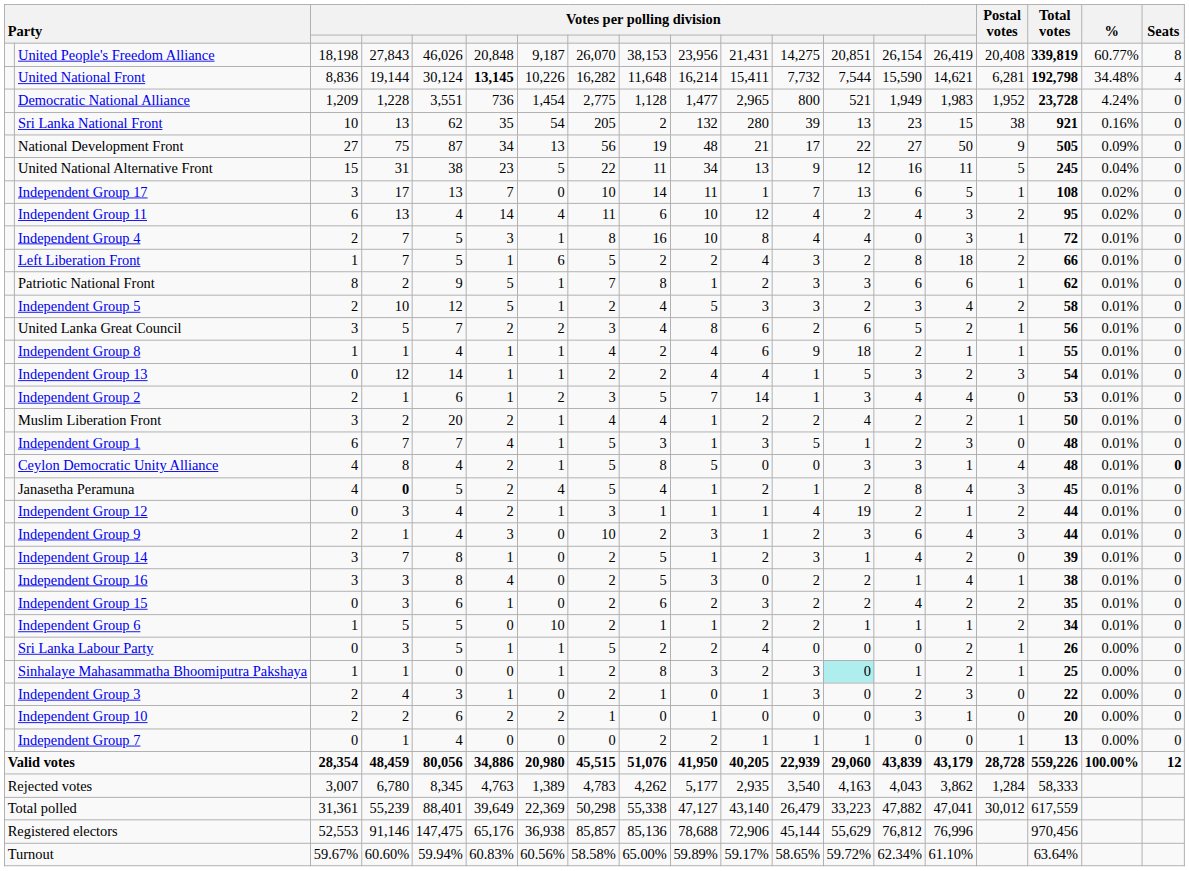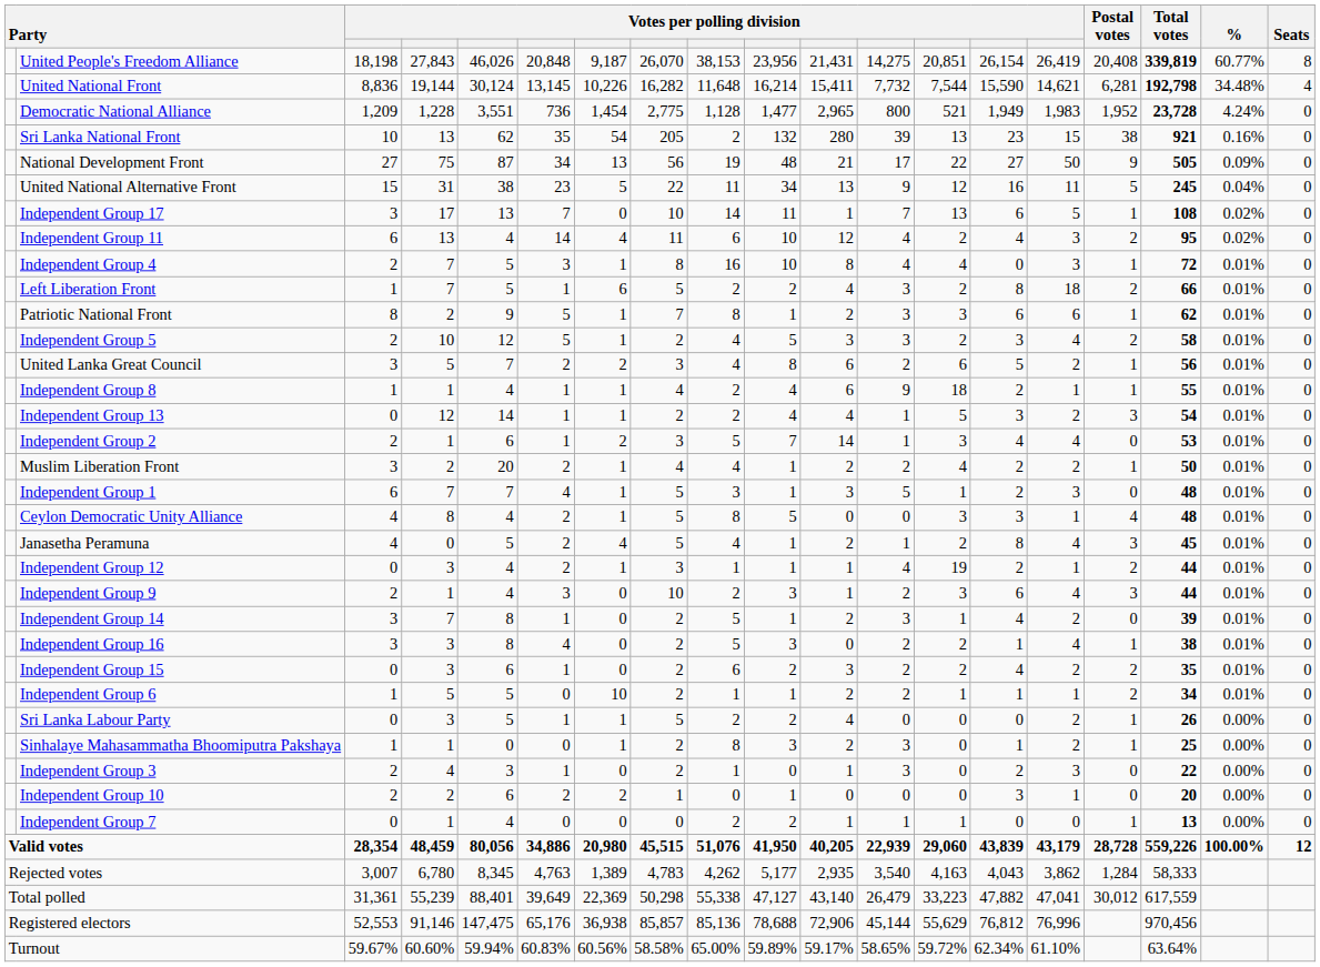 <table class="wikitable" border="1" style="text-align:right;">
 <tr>
 <th style="text-align:left; vertical-align:bottom;" rowspan="2" colspan="2">Party</th>
 <th colspan=13>Votes per polling division</th>
 <th rowspan="2" style="vertical-align:bottom; text-align:center; width:50px;">Postal<br>votes</th>
 <th rowspan="2" style="vertical-align:bottom; text-align:center; width:50px;">Total votes</th>
 <th rowspan="2" style="vertical-align:bottom; text-align:center; width:50px;">%</th>
 <th rowspan="2" style="vertical-align:bottom; text-align:center; width:40px;">Seats</th>
 </tr>
 <tr>
 <th></th>
 <th></th>
 <th></th>
 <th></th>
 <th></th>
 <th></th>
 <th></th>
 <th></th>
 <th></th>
 <th></th>
 <th></th>
 <th></th>
 <th></th>
 </tr>
 <tr>
 <td bgcolor=> </td>
 <td align=left><a href='#'>United People's Freedom Alliance</a></td>
 <td>18,198</td>
 <td>27,843</td>
 <td>46,026</td>
 <td>20,848</td>
 <td>9,187</td>
 <td>26,070</td>
 <td>38,153</td>
 <td>23,956</td>
 <td>21,431</td>
 <td>14,275</td>
 <td>20,851</td>
 <td>26,154</td>
 <td>26,419</td>
 <td>20,408</td>
 <td><strong>339,819</strong></td>
 <td>60.77%</td>
 <td>8</td>
 </tr>
 <tr>
 <td bgcolor=> </td>
 <td align=left><a href='#'>United National Front</a></td>
 <td>8,836</td>
 <td>19,144</td>
 <td>30,124</td>
-<td><strong>13,145</strong></td>
+<td>13,145</td>
 <td>10,226</td>
 <td>16,282</td>
 <td>11,648</td>
 <td>16,214</td>
 <td>15,411</td>
 <td>7,732</td>
 <td>7,544</td>
 <td>15,590</td>
 <td>14,621</td>
 <td>6,281</td>
 <td><strong>192,798</strong></td>
 <td>34.48%</td>
 <td>4</td>
 </tr>
 <tr>
 <td bgcolor=> </td>
 <td align=left><a href='#'>Democratic National Alliance</a></td>
 <td>1,209</td>
 <td>1,228</td>
 <td>3,551</td>
 <td>736</td>
 <td>1,454</td>
 <td>2,775</td>
 <td>1,128</td>
 <td>1,477</td>
 <td>2,965</td>
 <td>800</td>
 <td>521</td>
 <td>1,949</td>
 <td>1,983</td>
 <td>1,952</td>
 <td><strong>23,728</strong></td>
 <td>4.24%</td>
 <td>0</td>
 </tr>
 <tr>
 <td bgcolor=> </td>
 <td align=left><a href='#'>Sri Lanka National Front</a></td>
 <td>10</td>
 <td>13</td>
 <td>62</td>
 <td>35</td>
 <td>54</td>
 <td>205</td>
 <td>2</td>
 <td>132</td>
 <td>280</td>
 <td>39</td>
 <td>13</td>
 <td>23</td>
 <td>15</td>
 <td>38</td>
 <td><strong>921</strong></td>
 <td>0.16%</td>
 <td>0</td>
 </tr>
 <tr>
 <td bgcolor=> </td>
 <td align=left>National Development Front</td>
 <td>27</td>
 <td>75</td>
 <td>87</td>
 <td>34</td>
 <td>13</td>
 <td>56</td>
 <td>19</td>
 <td>48</td>
 <td>21</td>
 <td>17</td>
 <td>22</td>
 <td>27</td>
 <td>50</td>
 <td>9</td>
 <td><strong>505</strong></td>
 <td>0.09%</td>
 <td>0</td>
 </tr>
 <tr>
 <td bgcolor=> </td>
 <td align=left>United National Alternative Front</td>
 <td>15</td>
 <td>31</td>
 <td>38</td>
 <td>23</td>
 <td>5</td>
 <td>22</td>
 <td>11</td>
 <td>34</td>
 <td>13</td>
 <td>9</td>
 <td>12</td>
 <td>16</td>
 <td>11</td>
 <td>5</td>
 <td><strong>245</strong></td>
 <td>0.04%</td>
 <td>0</td>
 </tr>
 <tr>
 <td bgcolor=> </td>
 <td align=left><a href='#'>Independent Group 17</a></td>
 <td>3</td>
 <td>17</td>
 <td>13</td>
 <td>7</td>
 <td>0</td>
 <td>10</td>
 <td>14</td>
 <td>11</td>
 <td>1</td>
 <td>7</td>
 <td>13</td>
 <td>6</td>
 <td>5</td>
 <td>1</td>
 <td><strong>108</strong></td>
 <td>0.02%</td>
 <td>0</td>
 </tr>
 <tr>
 <td bgcolor=> </td>
 <td align=left><a href='#'>Independent Group 11</a></td>
 <td>6</td>
 <td>13</td>
 <td>4</td>
 <td>14</td>
 <td>4</td>
 <td>11</td>
 <td>6</td>
 <td>10</td>
 <td>12</td>
 <td>4</td>
 <td>2</td>
 <td>4</td>
 <td>3</td>
 <td>2</td>
 <td><strong>95</strong></td>
 <td>0.02%</td>
 <td>0</td>
 </tr>
 <tr>
 <td bgcolor=> </td>
 <td align=left><a href='#'>Independent Group 4</a></td>
 <td>2</td>
 <td>7</td>
 <td>5</td>
 <td>3</td>
 <td>1</td>
 <td>8</td>
 <td>16</td>
 <td>10</td>
 <td>8</td>
 <td>4</td>
 <td>4</td>
 <td>0</td>
 <td>3</td>
 <td>1</td>
 <td><strong>72</strong></td>
 <td>0.01%</td>
 <td>0</td>
 </tr>
 <tr>
 <td bgcolor=> </td>
 <td align=left><a href='#'>Left Liberation Front</a></td>
 <td>1</td>
 <td>7</td>
 <td>5</td>
 <td>1</td>
 <td>6</td>
 <td>5</td>
 <td>2</td>
 <td>2</td>
 <td>4</td>
 <td>3</td>
 <td>2</td>
 <td>8</td>
 <td>18</td>
 <td>2</td>
 <td><strong>66</strong></td>
 <td>0.01%</td>
 <td>0</td>
 </tr>
 <tr>
 <td bgcolor=> </td>
 <td align=left>Patriotic National Front</td>
 <td>8</td>
 <td>2</td>
 <td>9</td>
 <td>5</td>
 <td>1</td>
 <td>7</td>
 <td>8</td>
 <td>1</td>
 <td>2</td>
 <td>3</td>
 <td>3</td>
 <td>6</td>
 <td>6</td>
 <td>1</td>
 <td><strong>62</strong></td>
 <td>0.01%</td>
 <td>0</td>
 </tr>
 <tr>
 <td bgcolor=> </td>
 <td align=left><a href='#'>Independent Group 5</a></td>
 <td>2</td>
 <td>10</td>
 <td>12</td>
 <td>5</td>
 <td>1</td>
 <td>2</td>
 <td>4</td>
 <td>5</td>
 <td>3</td>
 <td>3</td>
 <td>2</td>
 <td>3</td>
 <td>4</td>
 <td>2</td>
 <td><strong>58</strong></td>
 <td>0.01%</td>
 <td>0</td>
 </tr>
 <tr>
 <td bgcolor=> </td>
 <td align=left>United Lanka Great Council</td>
 <td>3</td>
 <td>5</td>
 <td>7</td>
 <td>2</td>
 <td>2</td>
 <td>3</td>
 <td>4</td>
 <td>8</td>
 <td>6</td>
 <td>2</td>
 <td>6</td>
 <td>5</td>
 <td>2</td>
 <td>1</td>
 <td><strong>56</strong></td>
 <td>0.01%</td>
 <td>0</td>
 </tr>
 <tr>
 <td bgcolor=> </td>
 <td align=left><a href='#'>Independent Group 8</a></td>
 <td>1</td>
 <td>1</td>
 <td>4</td>
 <td>1</td>
 <td>1</td>
 <td>4</td>
 <td>2</td>
 <td>4</td>
 <td>6</td>
 <td>9</td>
 <td>18</td>
 <td>2</td>
 <td>1</td>
 <td>1</td>
 <td><strong>55</strong></td>
 <td>0.01%</td>
 <td>0</td>
 </tr>
 <tr>
 <td bgcolor=> </td>
 <td align=left><a href='#'>Independent Group 13</a></td>
 <td>0</td>
 <td>12</td>
 <td>14</td>
 <td>1</td>
 <td>1</td>
 <td>2</td>
 <td>2</td>
 <td>4</td>
 <td>4</td>
 <td>1</td>
 <td>5</td>
 <td>3</td>
 <td>2</td>
 <td>3</td>
 <td><strong>54</strong></td>
 <td>0.01%</td>
 <td>0</td>
 </tr>
 <tr>
 <td bgcolor=> </td>
 <td align=left><a href='#'>Independent Group 2</a></td>
 <td>2</td>
 <td>1</td>
 <td>6</td>
 <td>1</td>
 <td>2</td>
 <td>3</td>
 <td>5</td>
 <td>7</td>
 <td>14</td>
 <td>1</td>
 <td>3</td>
 <td>4</td>
 <td>4</td>
 <td>0</td>
 <td><strong>53</strong></td>
 <td>0.01%</td>
 <td>0</td>
 </tr>
 <tr>
 <td bgcolor=> </td>
 <td align=left>Muslim Liberation Front</td>
 <td>3</td>
 <td>2</td>
 <td>20</td>
 <td>2</td>
 <td>1</td>
 <td>4</td>
 <td>4</td>
 <td>1</td>
 <td>2</td>
 <td>2</td>
 <td>4</td>
 <td>2</td>
 <td>2</td>
 <td>1</td>
 <td><strong>50</strong></td>
 <td>0.01%</td>
 <td>0</td>
 </tr>
 <tr>
 <td bgcolor=> </td>
 <td align=left><a href='#'>Independent Group 1</a></td>
 <td>6</td>
 <td>7</td>
 <td>7</td>
 <td>4</td>
 <td>1</td>
 <td>5</td>
 <td>3</td>
 <td>1</td>
 <td>3</td>
 <td>5</td>
 <td>1</td>
 <td>2</td>
 <td>3</td>
 <td>0</td>
 <td><strong>48</strong></td>
 <td>0.01%</td>
 <td>0</td>
 </tr>
 <tr>
 <td bgcolor=> </td>
 <td align=left><a href='#'>Ceylon Democratic Unity Alliance</a></td>
 <td>4</td>
 <td>8</td>
 <td>4</td>
 <td>2</td>
 <td>1</td>
 <td>5</td>
 <td>8</td>
 <td>5</td>
 <td>0</td>
 <td>0</td>
 <td>3</td>
 <td>3</td>
 <td>1</td>
 <td>4</td>
 <td><strong>48</strong></td>
 <td>0.01%</td>
-<td><strong>0</strong></td>
+<td>0</td>
 </tr>
 <tr>
 <td bgcolor=> </td>
 <td align=left>Janasetha Peramuna</td>
 <td>4</td>
-<td><strong>0</strong></td>
+<td>0</td>
 <td>5</td>
 <td>2</td>
 <td>4</td>
 <td>5</td>
 <td>4</td>
 <td>1</td>
 <td>2</td>
 <td>1</td>
 <td>2</td>
 <td>8</td>
 <td>4</td>
 <td>3</td>
 <td><strong>45</strong></td>
 <td>0.01%</td>
 <td>0</td>
 </tr>
 <tr>
 <td bgcolor=> </td>
 <td align=left><a href='#'>Independent Group 12</a></td>
 <td>0</td>
 <td>3</td>
 <td>4</td>
 <td>2</td>
 <td>1</td>
 <td>3</td>
 <td>1</td>
 <td>1</td>
 <td>1</td>
 <td>4</td>
 <td>19</td>
 <td>2</td>
 <td>1</td>
 <td>2</td>
 <td><strong>44</strong></td>
 <td>0.01%</td>
 <td>0</td>
 </tr>
 <tr>
 <td bgcolor=> </td>
 <td align=left><a href='#'>Independent Group 9</a></td>
 <td>2</td>
 <td>1</td>
 <td>4</td>
 <td>3</td>
 <td>0</td>
 <td>10</td>
 <td>2</td>
 <td>3</td>
 <td>1</td>
 <td>2</td>
 <td>3</td>
 <td>6</td>
 <td>4</td>
 <td>3</td>
 <td><strong>44</strong></td>
 <td>0.01%</td>
 <td>0</td>
 </tr>
 <tr>
 <td bgcolor=> </td>
 <td align=left><a href='#'>Independent Group 14</a></td>
 <td>3</td>
 <td>7</td>
 <td>8</td>
 <td>1</td>
 <td>0</td>
 <td>2</td>
 <td>5</td>
 <td>1</td>
 <td>2</td>
 <td>3</td>
 <td>1</td>
 <td>4</td>
 <td>2</td>
 <td>0</td>
 <td><strong>39</strong></td>
 <td>0.01%</td>
 <td>0</td>
 </tr>
 <tr>
 <td bgcolor=> </td>
 <td align=left><a href='#'>Independent Group 16</a></td>
 <td>3</td>
 <td>3</td>
 <td>8</td>
 <td>4</td>
 <td>0</td>
 <td>2</td>
 <td>5</td>
 <td>3</td>
 <td>0</td>
 <td>2</td>
 <td>2</td>
 <td>1</td>
 <td>4</td>
 <td>1</td>
 <td><strong>38</strong></td>
 <td>0.01%</td>
 <td>0</td>
 </tr>
 <tr>
 <td bgcolor=> </td>
 <td align=left><a href='#'>Independent Group 15</a></td>
 <td>0</td>
 <td>3</td>
 <td>6</td>
 <td>1</td>
 <td>0</td>
 <td>2</td>
 <td>6</td>
 <td>2</td>
 <td>3</td>
 <td>2</td>
 <td>2</td>
 <td>4</td>
 <td>2</td>
 <td>2</td>
 <td><strong>35</strong></td>
 <td>0.01%</td>
 <td>0</td>
 </tr>
 <tr>
 <td bgcolor=> </td>
 <td align=left><a href='#'>Independent Group 6</a></td>
 <td>1</td>
 <td>5</td>
 <td>5</td>
 <td>0</td>
 <td>10</td>
 <td>2</td>
 <td>1</td>
 <td>1</td>
 <td>2</td>
 <td>2</td>
 <td>1</td>
 <td>1</td>
 <td>1</td>
 <td>2</td>
 <td><strong>34</strong></td>
 <td>0.01%</td>
 <td>0</td>
 </tr>
 <tr>
 <td bgcolor=> </td>
 <td align=left><a href='#'>Sri Lanka Labour Party</a></td>
 <td>0</td>
 <td>3</td>
 <td>5</td>
 <td>1</td>
 <td>1</td>
 <td>5</td>
 <td>2</td>
 <td>2</td>
 <td>4</td>
 <td>0</td>
 <td>0</td>
 <td>0</td>
 <td>2</td>
 <td>1</td>
 <td><strong>26</strong></td>
 <td>0.00%</td>
 <td>0</td>
 </tr>
 <tr>
 <td bgcolor=> </td>
 <td align=left><a href='#'>Sinhalaye Mahasammatha Bhoomiputra Pakshaya</a></td>
 <td>1</td>
 <td>1</td>
 <td>0</td>
 <td>0</td>
 <td>1</td>
 <td>2</td>
 <td>8</td>
 <td>3</td>
 <td>2</td>
 <td>3</td>
-<td style="background: paleturquoise;">0</td>
+<td>0</td>
 <td>1</td>
 <td>2</td>
 <td>1</td>
 <td><strong>25</strong></td>
 <td>0.00%</td>
 <td>0</td>
 </tr>
 <tr>
 <td bgcolor=> </td>
 <td align=left><a href='#'>Independent Group 3</a></td>
 <td>2</td>
 <td>4</td>
 <td>3</td>
 <td>1</td>
 <td>0</td>
 <td>2</td>
 <td>1</td>
 <td>0</td>
 <td>1</td>
 <td>3</td>
 <td>0</td>
 <td>2</td>
 <td>3</td>
 <td>0</td>
 <td><strong>22</strong></td>
 <td>0.00%</td>
 <td>0</td>
 </tr>
 <tr>
 <td bgcolor=> </td>
 <td align=left><a href='#'>Independent Group 10</a></td>
 <td>2</td>
 <td>2</td>
 <td>6</td>
 <td>2</td>
 <td>2</td>
 <td>1</td>
 <td>0</td>
 <td>1</td>
 <td>0</td>
 <td>0</td>
 <td>0</td>
 <td>3</td>
 <td>1</td>
 <td>0</td>
 <td><strong>20</strong></td>
 <td>0.00%</td>
 <td>0</td>
 </tr>
 <tr>
 <td bgcolor=> </td>
 <td align=left><a href='#'>Independent Group 7</a></td>
 <td>0</td>
 <td>1</td>
 <td>4</td>
 <td>0</td>
 <td>0</td>
 <td>0</td>
 <td>2</td>
 <td>2</td>
 <td>1</td>
 <td>1</td>
 <td>1</td>
 <td>0</td>
 <td>0</td>
 <td>1</td>
 <td><strong>13</strong></td>
 <td>0.00%</td>
 <td>0</td>
 </tr>
 <tr>
 <td align=left colspan=2><strong>Valid votes</strong></td>
 <td><strong>28,354</strong></td>
 <td><strong>48,459</strong></td>
 <td><strong>80,056</strong></td>
 <td><strong>34,886</strong></td>
 <td><strong>20,980</strong></td>
 <td><strong>45,515</strong></td>
 <td><strong>51,076</strong></td>
 <td><strong>41,950</strong></td>
 <td><strong>40,205</strong></td>
 <td><strong>22,939</strong></td>
 <td><strong>29,060</strong></td>
 <td><strong>43,839</strong></td>
 <td><strong>43,179</strong></td>
 <td><strong>28,728</strong></td>
 <td><strong>559,226</strong></td>
 <td><strong>100.00%</strong></td>
 <td><strong>12</strong></td>
 </tr>
 <tr>
 <td align=left colspan=2>Rejected votes</td>
 <td>3,007</td>
 <td>6,780</td>
 <td>8,345</td>
 <td>4,763</td>
 <td>1,389</td>
 <td>4,783</td>
 <td>4,262</td>
 <td>5,177</td>
 <td>2,935</td>
 <td>3,540</td>
 <td>4,163</td>
 <td>4,043</td>
 <td>3,862</td>
 <td>1,284</td>
 <td>58,333</td>
 <td></td>
 <td></td>
 </tr>
 <tr>
 <td align=left colspan=2>Total polled</td>
 <td>31,361</td>
 <td>55,239</td>
 <td>88,401</td>
 <td>39,649</td>
 <td>22,369</td>
 <td>50,298</td>
 <td>55,338</td>
 <td>47,127</td>
 <td>43,140</td>
 <td>26,479</td>
 <td>33,223</td>
 <td>47,882</td>
 <td>47,041</td>
 <td>30,012</td>
 <td>617,559</td>
 <td></td>
 <td></td>
 </tr>
 <tr>
 <td align=left colspan=2>Registered electors</td>
 <td>52,553</td>
 <td>91,146</td>
 <td>147,475</td>
 <td>65,176</td>
 <td>36,938</td>
 <td>85,857</td>
 <td>85,136</td>
 <td>78,688</td>
 <td>72,906</td>
 <td>45,144</td>
 <td>55,629</td>
 <td>76,812</td>
 <td>76,996</td>
 <td></td>
 <td>970,456</td>
 <td></td>
 <td></td>
 </tr>
 <tr>
 <td align=left colspan=2>Turnout</td>
 <td>59.67%</td>
 <td>60.60%</td>
 <td>59.94%</td>
 <td>60.83%</td>
 <td>60.56%</td>
 <td>58.58%</td>
 <td>65.00%</td>
 <td>59.89%</td>
 <td>59.17%</td>
 <td>58.65%</td>
 <td>59.72%</td>
 <td>62.34%</td>
 <td>61.10%</td>
 <td></td>
 <td>63.64%</td>
 <td></td>
 <td></td>
 </tr>
 </table>
